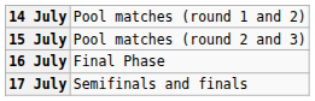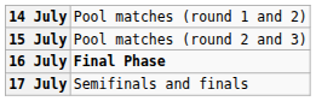 <table class=wikitable>
 <tr>
 <th>14 July</th>
 <td>Pool matches (round 1 and 2)</td>
 </tr>
 <tr>
 <th>15 July</th>
 <td>Pool matches (round 2 and 3)</td>
 </tr>
 <tr>
 <th>16 July</th>
-<td>Final Phase</td>
+<td><strong>Final Phase</strong></td>
 </tr>
 <tr>
 <th>17 July</th>
 <td>Semifinals and finals</td>
 </tr>
 </table>
